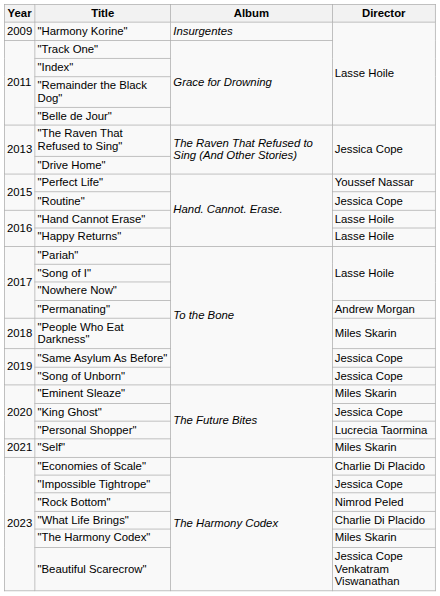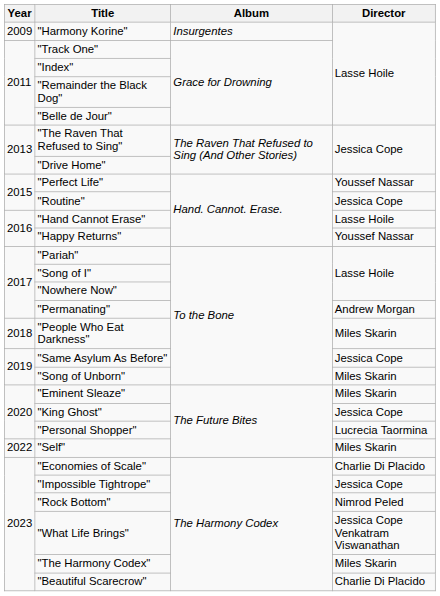 <table class="wikitable">
 <tr>
 <th>Year</th>
 <th>Title</th>
 <th style="width:220px;">Album</th>
 <th>Director</th>
 </tr>
 <tr>
 <td>2009</td>
 <td>"Harmony Korine"</td>
 <td><em>Insurgentes</em></td>
 <td rowspan="5">Lasse Hoile</td>
 </tr>
 <tr>
 <td rowspan="4">2011</td>
 <td>"Track One"</td>
 <td rowspan="4"><em>Grace for Drowning</em></td>
 </tr>
 <tr>
 <td>"Index"</td>
 </tr>
 <tr>
 <td>"Remainder the Black Dog"</td>
 </tr>
 <tr>
 <td>"Belle de Jour"</td>
 </tr>
 <tr>
 <td rowspan="2">2013</td>
 <td>"The Raven That Refused to Sing"</td>
 <td rowspan="2"><em>The Raven That Refused to Sing (And Other Stories)</em></td>
 <td rowspan="2">Jessica Cope</td>
 </tr>
 <tr>
 <td>"Drive Home"</td>
 </tr>
 <tr>
 <td rowspan="2">2015</td>
 <td>"Perfect Life"</td>
 <td rowspan="4"><em>Hand. Cannot. Erase.</em></td>
 <td>Youssef Nassar</td>
 </tr>
 <tr>
 <td>"Routine"</td>
 <td>Jessica Cope</td>
 </tr>
 <tr>
 <td rowspan="2">2016</td>
 <td>"Hand Cannot Erase"</td>
 <td>Lasse Hoile</td>
 </tr>
 <tr>
 <td>"Happy Returns"</td>
-<td>Lasse Hoile</td>
+<td>Youssef Nassar</td>
 </tr>
 <tr>
 <td rowspan="4">2017</td>
 <td>"Pariah"</td>
 <td rowspan="7"><em>To the Bone</em></td>
 <td rowspan="3">Lasse Hoile</td>
 </tr>
 <tr>
 <td>"Song of I"</td>
 </tr>
 <tr>
 <td>"Nowhere Now"</td>
 </tr>
 <tr>
 <td>"Permanating"</td>
 <td>Andrew Morgan</td>
 </tr>
 <tr>
 <td>2018</td>
 <td>"People Who Eat Darkness"</td>
 <td>Miles Skarin</td>
 </tr>
 <tr>
 <td rowspan="2">2019</td>
 <td>"Same Asylum As Before"</td>
 <td>Jessica Cope</td>
 </tr>
 <tr>
 <td>"Song of Unborn"</td>
-<td>Jessica Cope</td>
+<td>Miles Skarin</td>
 </tr>
 <tr>
 <td rowspan="3">2020</td>
 <td>"Eminent Sleaze"</td>
 <td rowspan="4"><em>The Future Bites</em></td>
 <td>Miles Skarin</td>
 </tr>
 <tr>
 <td>"King Ghost"</td>
 <td>Jessica Cope</td>
 </tr>
 <tr>
 <td>"Personal Shopper"</td>
 <td>Lucrecia Taormina</td>
 </tr>
 <tr>
-<td>2021</td>
+<td>2022</td>
 <td>"Self"</td>
 <td>Miles Skarin</td>
 </tr>
 <tr>
 <td rowspan="6">2023</td>
 <td>"Economies of Scale"</td>
 <td rowspan="6"><em>The Harmony Codex</em></td>
 <td>Charlie Di Placido</td>
 </tr>
 <tr>
 <td>"Impossible Tightrope"</td>
 <td>Jessica Cope</td>
 </tr>
 <tr>
 <td>"Rock Bottom"</td>
 <td>Nimrod Peled</td>
 </tr>
 <tr>
 <td>"What Life Brings"</td>
-<td>Charlie Di Placido</td>
+<td>Jessica Cope<br>Venkatram Viswanathan</td>
 </tr>
 <tr>
 <td>"The Harmony Codex"</td>
 <td>Miles Skarin</td>
 </tr>
 <tr>
 <td>"Beautiful Scarecrow"</td>
-<td>Jessica Cope<br>Venkatram Viswanathan</td>
+<td>Charlie Di Placido</td>
 </tr>
 </table>
